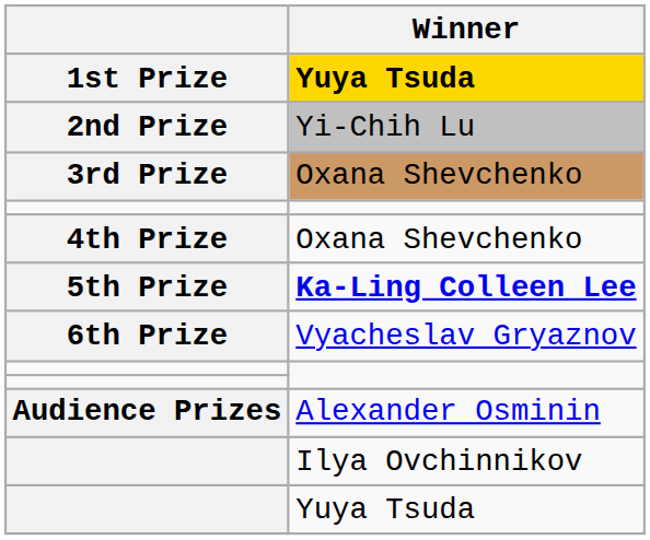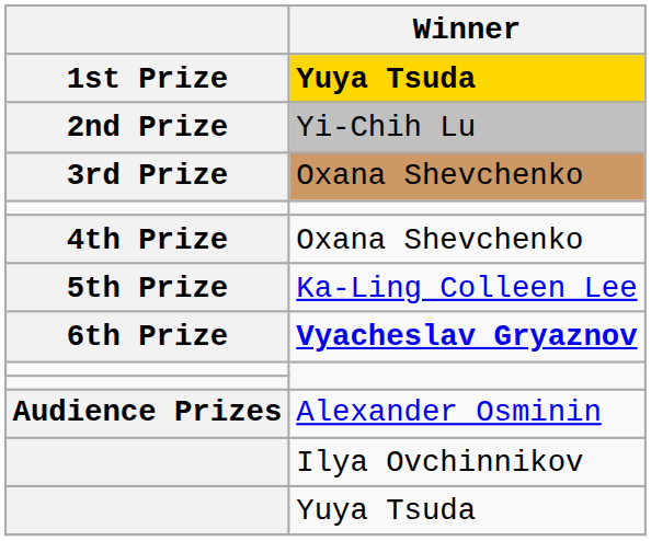 <table class="wikitable">
 <tr>
 <th></th>
 <th>Winner</th>
 </tr>
 <tr>
 <th>1st Prize</th>
 <td bgcolor="gold"> <strong>Yuya Tsuda</strong></td>
 </tr>
 <tr>
 <th>2nd Prize</th>
 <td bgcolor="silver"> Yi-Chih Lu</td>
 </tr>
 <tr>
 <th>3rd Prize</th>
 <td bgcolor="cc9966"> Oxana Shevchenko</td>
 </tr>
 <tr>
 <td></td>
 <td></td>
 </tr>
 <tr>
 <th>4th Prize</th>
 <td> Oxana Shevchenko</td>
 </tr>
 <tr>
 <th>5th Prize</th>
-<td><strong> <a href='#'>Ka-Ling Colleen Lee</a></strong></td>
+<td> <a href='#'>Ka-Ling Colleen Lee</a></td>
 </tr>
 <tr>
 <th>6th Prize</th>
-<td> <a href='#'>Vyacheslav Gryaznov</a></td>
+<td><strong> <a href='#'>Vyacheslav Gryaznov</a></strong></td>
 </tr>
 <tr>
 <td></td>
 </tr>
 <tr>
 <td></td>
 </tr>
 <tr>
 <th>Audience Prizes</th>
 <td> <a href='#'>Alexander Osminin</a></td>
 </tr>
 <tr>
 <th></th>
 <td> Ilya Ovchinnikov</td>
 </tr>
 <tr>
 <th></th>
 <td> Yuya Tsuda</td>
 </tr>
 <tr>
 </tr>
 </table>
